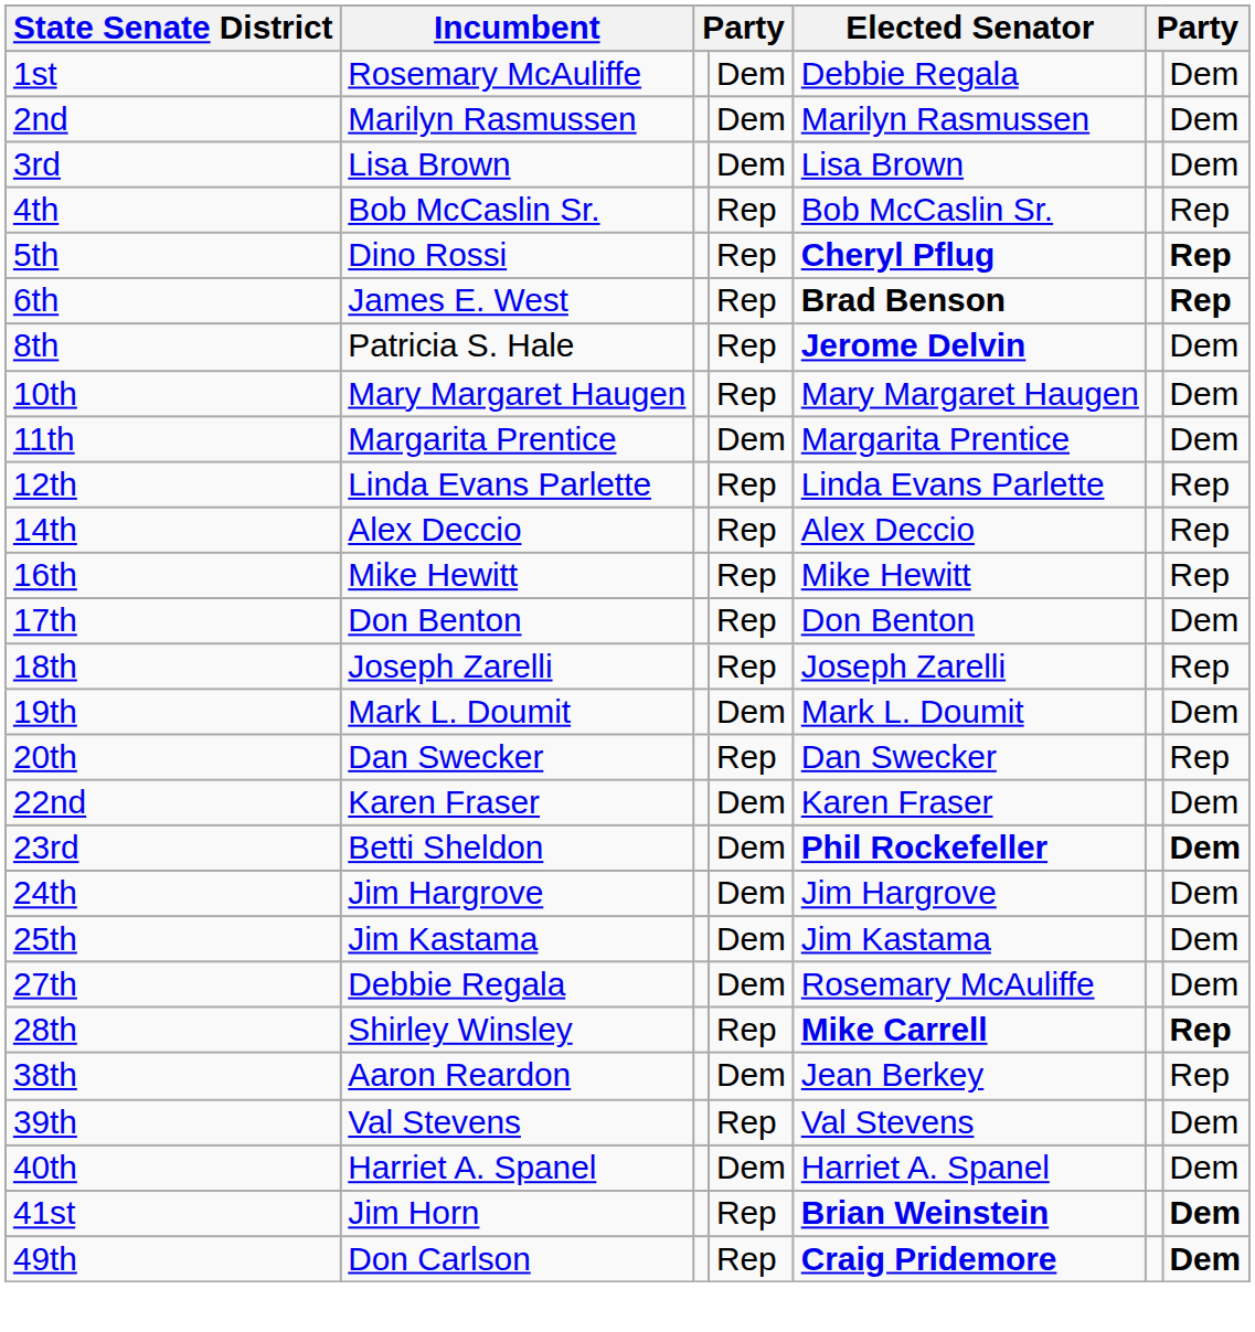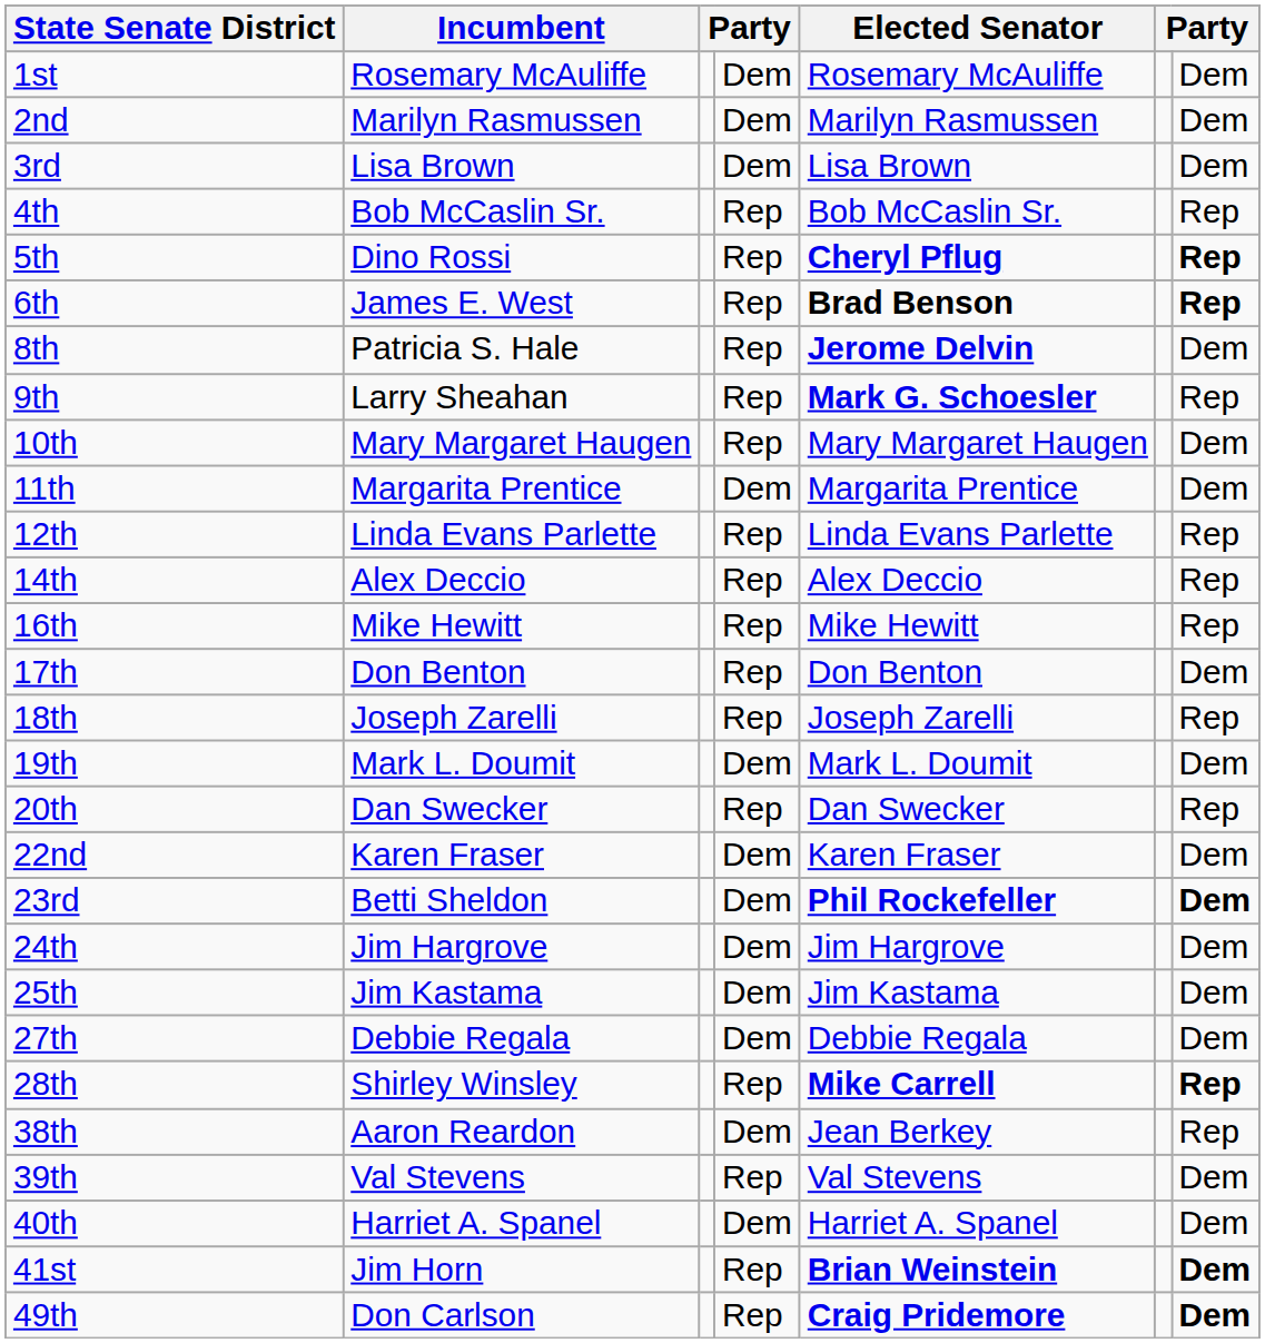 <table class="sortable wikitable" style="font-size:95%;line-height:14px;">
 <tr>
 <th colspan="1" class="unsortable"><a href='#'>State Senate</a> District</th>
 <th class="unsortable"><a href='#'>Incumbent</a></th>
 <th colspan="2">Party</th>
 <th class="unsortable">Elected Senator</th>
 <th colspan="2">Party</th>
 </tr>
 <tr>
 <td><a href='#'>1st</a></td>
 <td><a href='#'>Rosemary McAuliffe</a></td>
 <td style="background:"></td>
 <td>Dem</td>
-<td><a href='#'>Debbie Regala</a></td>
+<td><a href='#'>Rosemary McAuliffe</a></td>
 <td style="background:"></td>
 <td>Dem</td>
 </tr>
 <tr>
 <td><a href='#'>2nd</a></td>
 <td><a href='#'>Marilyn Rasmussen</a></td>
 <td style="background:"></td>
 <td>Dem</td>
 <td><a href='#'>Marilyn Rasmussen</a></td>
 <td style="background:"></td>
 <td>Dem</td>
 </tr>
 <tr>
 <td><a href='#'>3rd</a></td>
 <td><a href='#'>Lisa Brown</a></td>
 <td style="background:"></td>
 <td>Dem</td>
 <td><a href='#'>Lisa Brown</a></td>
 <td style="background:"></td>
 <td>Dem</td>
 </tr>
 <tr>
 <td><a href='#'>4th</a></td>
 <td><a href='#'>Bob McCaslin Sr.</a></td>
 <td style="background:"></td>
 <td>Rep</td>
 <td><a href='#'>Bob McCaslin Sr.</a></td>
 <td style="background:"></td>
 <td>Rep</td>
 </tr>
 <tr>
 <td><a href='#'>5th</a></td>
 <td><a href='#'>Dino Rossi</a></td>
 <td style="background:"></td>
 <td>Rep</td>
 <td><strong><a href='#'>Cheryl Pflug</a></strong></td>
 <td style="background:"></td>
 <td><strong>Rep</strong></td>
 </tr>
 <tr>
 <td><a href='#'>6th</a></td>
 <td><a href='#'>James E. West</a></td>
 <td style="background:"></td>
 <td>Rep</td>
 <td><strong>Brad Benson</strong></td>
 <td style="background:"></td>
 <td><strong>Rep</strong></td>
 </tr>
 <tr>
 <td><a href='#'>8th</a></td>
 <td>Patricia S. Hale</td>
 <td style="background:"></td>
 <td>Rep</td>
 <td><strong><a href='#'>Jerome Delvin</a></strong></td>
 <td style="background:"></td>
 <td>Dem</td>
+</tr>
+<tr>
+<td><a href='#'>9th</a></td>
+<td>Larry Sheahan</td>
+<td style="background:"></td>
+<td>Rep</td>
+<td><a href='#'><strong>Mark G. Schoesler</strong></a></td>
+<td style="background:"></td>
+<td>Rep</td>
 </tr>
 <tr>
 <td><a href='#'>10th</a></td>
 <td><a href='#'>Mary Margaret Haugen</a></td>
 <td style="background:"></td>
 <td>Rep</td>
 <td><a href='#'>Mary Margaret Haugen</a></td>
 <td style="background:"></td>
 <td>Dem</td>
 </tr>
 <tr>
 <td><a href='#'>11th</a></td>
 <td><a href='#'>Margarita Prentice</a></td>
 <td style="background:"></td>
 <td>Dem</td>
 <td><a href='#'>Margarita Prentice</a></td>
 <td style="background:"></td>
 <td>Dem</td>
 </tr>
 <tr>
 <td><a href='#'>12th</a></td>
 <td><a href='#'>Linda Evans Parlette</a></td>
 <td style="background:"></td>
 <td>Rep</td>
 <td><a href='#'>Linda Evans Parlette</a></td>
 <td style="background:"></td>
 <td>Rep</td>
 </tr>
 <tr>
 <td><a href='#'>14th</a></td>
 <td><a href='#'>Alex Deccio</a></td>
 <td style="background:"></td>
 <td>Rep</td>
 <td><a href='#'>Alex Deccio</a></td>
 <td style="background:"></td>
 <td>Rep</td>
 </tr>
 <tr>
 <td><a href='#'>16th</a></td>
 <td><a href='#'>Mike Hewitt</a></td>
 <td style="background:"></td>
 <td>Rep</td>
 <td><a href='#'>Mike Hewitt</a></td>
 <td style="background:"></td>
 <td>Rep</td>
 </tr>
 <tr>
 <td><a href='#'>17th</a></td>
 <td><a href='#'>Don Benton</a></td>
 <td style="background:"></td>
 <td>Rep</td>
 <td><a href='#'>Don Benton</a></td>
 <td style="background:"></td>
 <td>Dem</td>
 </tr>
 <tr>
 <td><a href='#'>18th</a></td>
 <td><a href='#'>Joseph Zarelli</a></td>
 <td style="background:"></td>
 <td>Rep</td>
 <td><a href='#'>Joseph Zarelli</a></td>
 <td style="background:"></td>
 <td>Rep</td>
 </tr>
 <tr>
 <td><a href='#'>19th</a></td>
 <td><a href='#'>Mark L. Doumit</a></td>
 <td style="background:"></td>
 <td>Dem</td>
 <td><a href='#'>Mark L. Doumit</a></td>
 <td style="background:"></td>
 <td>Dem</td>
 </tr>
 <tr>
 <td><a href='#'>20th</a></td>
 <td><a href='#'>Dan Swecker</a></td>
 <td style="background:"></td>
 <td>Rep</td>
 <td><a href='#'>Dan Swecker</a></td>
 <td style="background:"></td>
 <td>Rep</td>
 </tr>
 <tr>
 <td><a href='#'>22nd</a></td>
 <td><a href='#'>Karen Fraser</a></td>
 <td style="background:"></td>
 <td>Dem</td>
 <td><a href='#'>Karen Fraser</a></td>
 <td style="background:"></td>
 <td>Dem</td>
 </tr>
 <tr>
 <td><a href='#'>23rd</a></td>
 <td><a href='#'>Betti Sheldon</a></td>
 <td style="background:"></td>
 <td>Dem</td>
 <td><strong><a href='#'>Phil Rockefeller</a></strong></td>
 <td style="background:"></td>
 <td><strong>Dem</strong></td>
 </tr>
 <tr>
 <td><a href='#'>24th</a></td>
 <td><a href='#'>Jim Hargrove</a></td>
 <td style="background:"></td>
 <td>Dem</td>
 <td><a href='#'>Jim Hargrove</a></td>
 <td style="background:"></td>
 <td>Dem</td>
 </tr>
 <tr>
 <td><a href='#'>25th</a></td>
 <td><a href='#'>Jim Kastama</a></td>
 <td style="background:"></td>
 <td>Dem</td>
 <td><a href='#'>Jim Kastama</a></td>
 <td style="background:"></td>
 <td>Dem</td>
 </tr>
 <tr>
 <td><a href='#'>27th</a></td>
 <td><a href='#'>Debbie Regala</a></td>
 <td style="background:"></td>
 <td>Dem</td>
-<td><a href='#'>Rosemary McAuliffe</a></td>
+<td><a href='#'>Debbie Regala</a></td>
 <td style="background:"></td>
 <td>Dem</td>
 </tr>
 <tr>
 <td><a href='#'>28th</a></td>
 <td><a href='#'>Shirley Winsley</a></td>
 <td style="background:"></td>
 <td>Rep</td>
 <td><strong><a href='#'>Mike Carrell</a></strong></td>
 <td style="background:"></td>
 <td><strong>Rep</strong></td>
 </tr>
 <tr>
 <td><a href='#'>38th</a></td>
 <td><a href='#'>Aaron Reardon</a></td>
 <td style="background:"></td>
 <td>Dem</td>
 <td><a href='#'>Jean Berkey</a></td>
 <td style="background:"></td>
 <td>Rep</td>
 </tr>
 <tr>
 <td><a href='#'>39th</a></td>
 <td><a href='#'>Val Stevens</a></td>
 <td style="background:"></td>
 <td>Rep</td>
 <td><a href='#'>Val Stevens</a></td>
 <td style="background:"></td>
 <td>Dem</td>
 </tr>
 <tr>
 <td><a href='#'>40th</a></td>
 <td><a href='#'>Harriet A. Spanel</a></td>
 <td style="background:"></td>
 <td>Dem</td>
 <td><a href='#'>Harriet A. Spanel</a></td>
 <td style="background:"></td>
 <td>Dem</td>
 </tr>
 <tr>
 <td><a href='#'>41st</a></td>
 <td><a href='#'>Jim Horn</a></td>
 <td style="background:"></td>
 <td>Rep</td>
 <td><strong><a href='#'>Brian Weinstein</a></strong></td>
 <td style="background:"></td>
 <td><strong>Dem</strong></td>
 </tr>
 <tr>
 <td><a href='#'>49th</a></td>
 <td><a href='#'>Don Carlson</a></td>
 <td style="background:"></td>
 <td>Rep</td>
 <td><strong><a href='#'>Craig Pridemore</a></strong></td>
 <td style="background:"></td>
 <td><strong>Dem</strong></td>
 </tr>
 </table>
